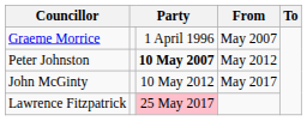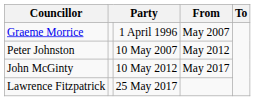 <table class=wikitable>
 <tr>
 <th>Councillor</th>
 <th colspan=2>Party</th>
 <th>From</th>
 <th>To</th>
 </tr>
 <tr>
 <td><a href='#'>Graeme Morrice</a></td>
 <td></td>
 <td align=right>1 April 1996</td>
 <td align="right">May 2007</td>
 </tr>
 <tr>
 <td>Peter Johnston</td>
 <td></td>
-<td align=right><strong>10 May 2007</strong></td>
+<td align=right>10 May 2007</td>
 <td align=right>May 2012</td>
 </tr>
 <tr>
 <td>John McGinty</td>
 <td></td>
 <td align=right>10 May 2012</td>
 <td align=right>May 2017</td>
 </tr>
 <tr>
 <td>Lawrence Fitzpatrick</td>
 <td></td>
-<td align=right style="background: pink;">25 May 2017</td>
+<td align=right>25 May 2017</td>
 <td align=right></td>
 </tr>
 </table>
